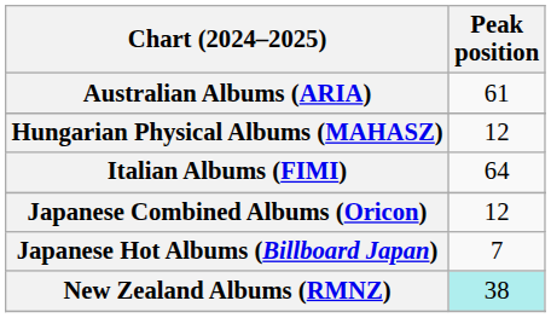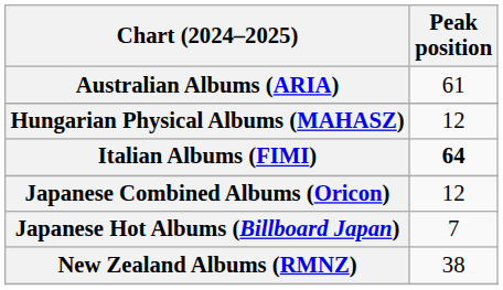 <table class="wikitable sortable plainrowheaders" style="text-align:center">
 <tr>
 <th scope="col">Chart (2024–2025)</th>
 <th scope="col">Peak<br>position</th>
 </tr>
 <tr>
 <th scope="row">Australian Albums (<a href='#'>ARIA</a>)</th>
 <td>61</td>
 </tr>
 <tr>
 </tr>
 <tr>
 </tr>
 <tr>
 </tr>
 <tr>
 </tr>
 <tr>
 </tr>
 <tr>
 </tr>
 <tr>
 <th scope="row">Hungarian Physical Albums (<a href='#'>MAHASZ</a>)</th>
 <td>12</td>
 </tr>
 <tr>
 <th scope="row">Italian Albums (<a href='#'>FIMI</a>)</th>
-<td>64</td>
+<td><strong>64</strong></td>
 </tr>
 <tr>
 </tr>
 <tr>
 <th scope="row">Japanese Combined Albums (<a href='#'>Oricon</a>)</th>
 <td>12</td>
 </tr>
 <tr>
 <th scope="row">Japanese Hot Albums (<em><a href='#'>Billboard Japan</a></em>)</th>
 <td>7</td>
 </tr>
 <tr>
 <th scope="row">New Zealand Albums (<a href='#'>RMNZ</a>)</th>
-<td style="background: paleturquoise;">38</td>
+<td>38</td>
 </tr>
 <tr>
 </tr>
 <tr>
 </tr>
 <tr>
 </tr>
 <tr>
 </tr>
 <tr>
 </tr>
 <tr>
 </tr>
 </table>
